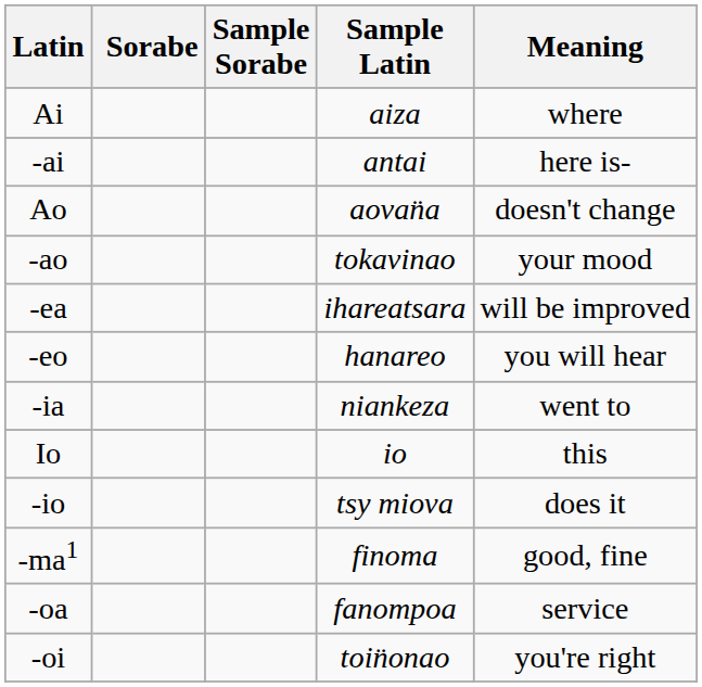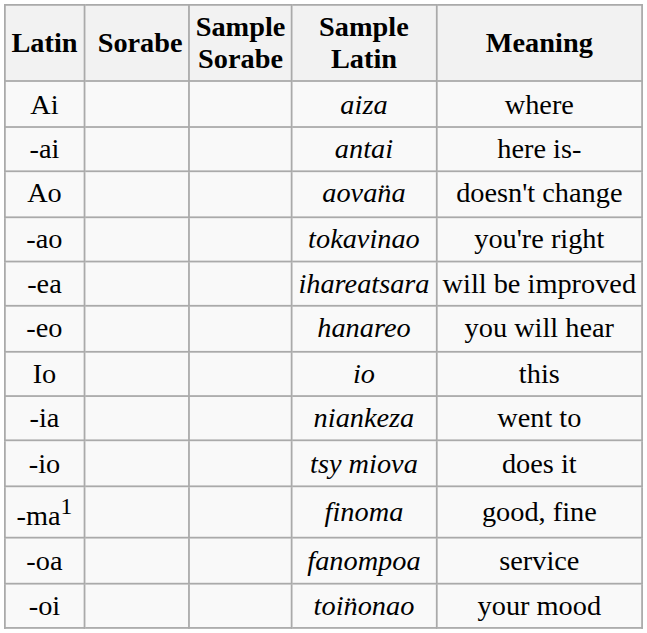 <table class="wikitable" style="text-align:center;">
 <tr>
 <th>Latin</th>
 <th>‌ Sorabe</th>
 <th>Sample<br>Sorabe</th>
 <th>Sample<br>Latin</th>
 <th>Meaning</th>
 </tr>
 <tr>
 <td>Ai</td>
 <td><span></span></td>
 <td><span></span></td>
 <td><em>aiza</em></td>
 <td>where</td>
 </tr>
 <tr>
 <td>-ai</td>
 <td>‌ <span></span></td>
 <td><span></span></td>
 <td><em>antai</em></td>
 <td>here is-</td>
 </tr>
 <tr>
 <td>Ao</td>
 <td><span></span></td>
 <td><span></span></td>
 <td><em>aovan̈a</em></td>
 <td>doesn't change</td>
 </tr>
 <tr>
 <td>-ao</td>
 <td>‌ <span></span></td>
 <td><span></span></td>
 <td><em>tokavinao</em></td>
-<td>your mood</td>
+<td>you're right</td>
 </tr>
 <tr>
 <td>-ea</td>
 <td>‌ <span></span></td>
 <td><span></span></td>
 <td><em>ihareatsara</em></td>
 <td>will be improved</td>
 </tr>
 <tr>
 <td>-eo</td>
 <td>‌ <span></span></td>
 <td><span></span></td>
 <td><em>hanareo</em></td>
 <td>you will hear</td>
 </tr>
 <tr>
+<td>Io</td>
+<td><span></span></td>
+<td>‌ <span></span></td>
+<td><em>io</em></td>
+<td>this</td>
+</tr>
+<tr>
 <td>-ia</td>
 <td><span></span></td>
 <td><span></span></td>
 <td><em>niankeza</em></td>
 <td>went to</td>
-</tr>
-<tr>
-<td>Io</td>
-<td><span></span></td>
-<td>‌ <span></span></td>
-<td><em>io</em></td>
-<td>this</td>
 </tr>
 <tr>
 <td>-io</td>
 <td>‌ <span></span></td>
 <td><span></span></td>
 <td><em>tsy miova</em></td>
 <td>does it</td>
 </tr>
 <tr>
 <td>-ma<sup>1</sup></td>
 <td><span></span></td>
 <td><span></span></td>
 <td><em>finoma</em></td>
 <td>good, fine</td>
 </tr>
 <tr>
 <td>-oa</td>
 <td>‌ <span></span></td>
 <td><span></span></td>
 <td><em>fanompoa</em></td>
 <td>service</td>
 </tr>
 <tr>
 <td>-oi</td>
 <td><span></span></td>
 <td><span></span></td>
 <td><em>toin̈onao</em></td>
-<td>you're right</td>
+<td>your mood</td>
 </tr>
 </table>
